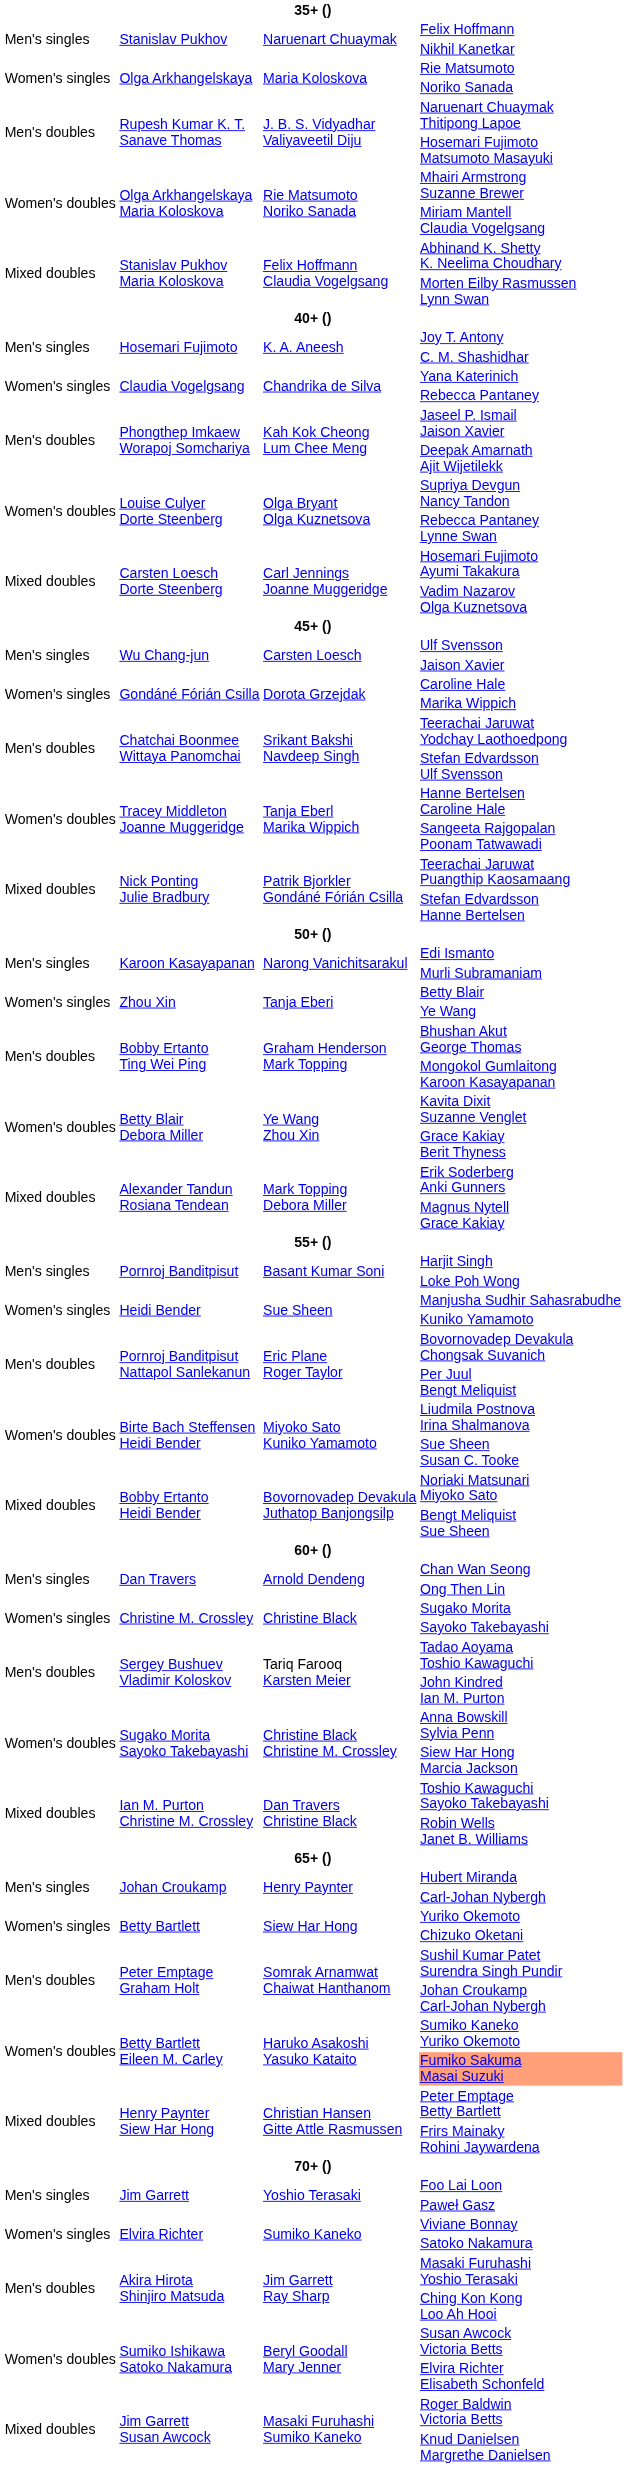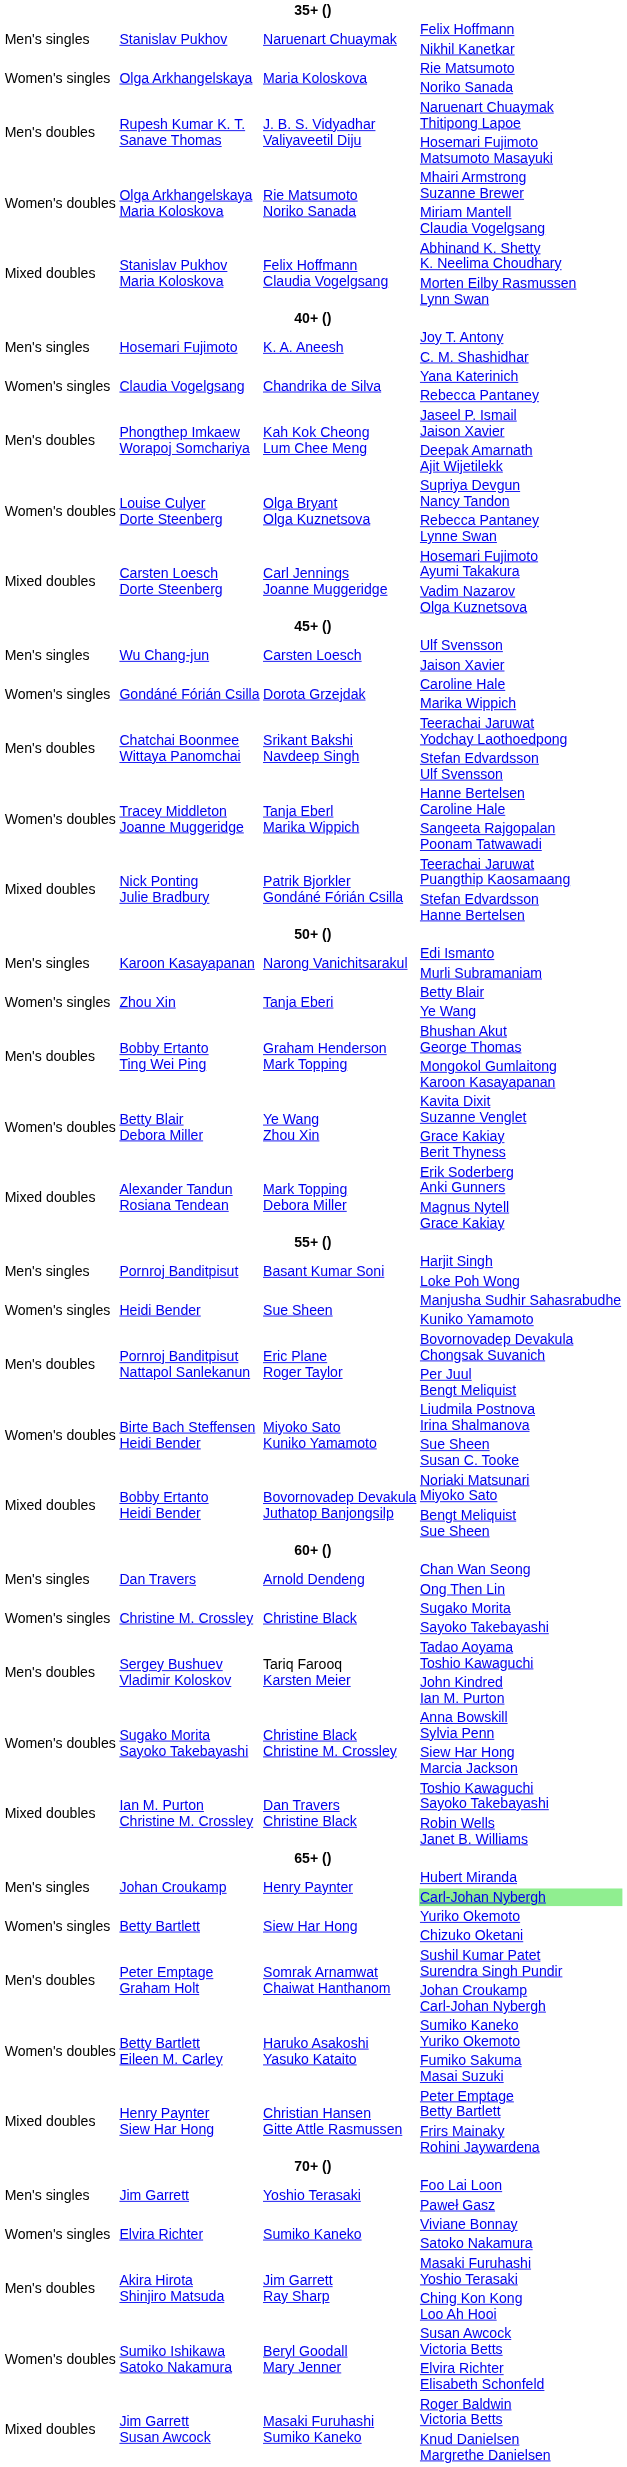 <table>
 <tr>
 <th colspan="4">35+ ()</th>
 </tr>
 <tr>
 <td rowspan="2">Men's singles</td>
 <td rowspan="2"> <a href='#'>Stanislav Pukhov</a></td>
 <td rowspan="2"> <a href='#'>Naruenart Chuaymak</a></td>
 <td> <a href='#'>Felix Hoffmann</a></td>
 </tr>
 <tr>
 <td> <a href='#'>Nikhil Kanetkar</a></td>
 </tr>
 <tr>
 <td rowspan="2">Women's singles</td>
 <td rowspan="2"> <a href='#'>Olga Arkhangelskaya</a></td>
 <td rowspan="2"> <a href='#'>Maria Koloskova</a></td>
 <td> <a href='#'>Rie Matsumoto</a></td>
 </tr>
 <tr>
 <td> <a href='#'>Noriko Sanada</a></td>
 </tr>
 <tr>
 <td rowspan="2">Men's doubles</td>
 <td rowspan="2"> <a href='#'>Rupesh Kumar K. T.</a><br> <a href='#'>Sanave Thomas</a></td>
 <td rowspan="2"> <a href='#'>J. B. S. Vidyadhar</a><br> <a href='#'>Valiyaveetil Diju</a></td>
 <td> <a href='#'>Naruenart Chuaymak</a><br> <a href='#'>Thitipong Lapoe</a></td>
 </tr>
 <tr>
 <td> <a href='#'>Hosemari Fujimoto</a><br> <a href='#'>Matsumoto Masayuki</a></td>
 </tr>
 <tr>
 <td rowspan="2">Women's doubles</td>
 <td rowspan="2"> <a href='#'>Olga Arkhangelskaya</a><br> <a href='#'>Maria Koloskova</a></td>
 <td rowspan="2"> <a href='#'>Rie Matsumoto</a><br> <a href='#'>Noriko Sanada</a></td>
 <td> <a href='#'>Mhairi Armstrong</a><br> <a href='#'>Suzanne Brewer</a></td>
 </tr>
 <tr>
 <td> <a href='#'>Miriam Mantell</a><br> <a href='#'>Claudia Vogelgsang</a></td>
 </tr>
 <tr>
 <td rowspan="2">Mixed doubles</td>
 <td rowspan="2"> <a href='#'>Stanislav Pukhov</a><br> <a href='#'>Maria Koloskova</a></td>
 <td rowspan="2"> <a href='#'>Felix Hoffmann</a><br> <a href='#'>Claudia Vogelgsang</a></td>
 <td> <a href='#'>Abhinand K. Shetty</a><br> <a href='#'>K. Neelima Choudhary</a></td>
 </tr>
 <tr>
 <td> <a href='#'>Morten Eilby Rasmussen</a><br> <a href='#'>Lynn Swan</a></td>
 </tr>
 <tr>
 <th colspan="4">40+ ()</th>
 </tr>
 <tr>
 <td rowspan="2">Men's singles</td>
 <td rowspan="2"> <a href='#'>Hosemari Fujimoto</a></td>
 <td rowspan="2"> <a href='#'>K. A. Aneesh</a></td>
 <td> <a href='#'>Joy T. Antony</a></td>
 </tr>
 <tr>
 <td> <a href='#'>C. M. Shashidhar</a></td>
 </tr>
 <tr>
 <td rowspan="2">Women's singles</td>
 <td rowspan="2"> <a href='#'>Claudia Vogelgsang</a></td>
 <td rowspan="2"> <a href='#'>Chandrika de Silva</a></td>
 <td> <a href='#'>Yana Katerinich</a></td>
 </tr>
 <tr>
 <td> <a href='#'>Rebecca Pantaney</a></td>
 </tr>
 <tr>
 <td rowspan="2">Men's doubles</td>
 <td rowspan="2"> <a href='#'>Phongthep Imkaew</a><br> <a href='#'>Worapoj Somchariya</a></td>
 <td rowspan="2"> <a href='#'>Kah Kok Cheong</a><br> <a href='#'>Lum Chee Meng</a></td>
 <td> <a href='#'>Jaseel P. Ismail</a><br> <a href='#'>Jaison Xavier</a></td>
 </tr>
 <tr>
 <td> <a href='#'>Deepak Amarnath</a><br> <a href='#'>Ajit Wijetilekk</a></td>
 </tr>
 <tr>
 <td rowspan="2">Women's doubles</td>
 <td rowspan="2"> <a href='#'>Louise Culyer</a><br> <a href='#'>Dorte Steenberg</a></td>
 <td rowspan="2"> <a href='#'>Olga Bryant</a><br> <a href='#'>Olga Kuznetsova</a></td>
 <td> <a href='#'>Supriya Devgun</a><br> <a href='#'>Nancy Tandon</a></td>
 </tr>
 <tr>
 <td> <a href='#'>Rebecca Pantaney</a><br> <a href='#'>Lynne Swan</a></td>
 </tr>
 <tr>
 <td rowspan="2">Mixed doubles</td>
 <td rowspan="2"> <a href='#'>Carsten Loesch</a><br> <a href='#'>Dorte Steenberg</a></td>
 <td rowspan="2"> <a href='#'>Carl Jennings</a><br> <a href='#'>Joanne Muggeridge</a></td>
 <td> <a href='#'>Hosemari Fujimoto</a><br> <a href='#'>Ayumi Takakura</a></td>
 </tr>
 <tr>
 <td> <a href='#'>Vadim Nazarov</a><br> <a href='#'>Olga Kuznetsova</a></td>
 </tr>
 <tr>
 <th colspan="4">45+ ()</th>
 </tr>
 <tr>
 <td rowspan="2">Men's singles</td>
 <td rowspan="2"> <a href='#'>Wu Chang-jun</a></td>
 <td rowspan="2"> <a href='#'>Carsten Loesch</a></td>
 <td> <a href='#'>Ulf Svensson</a></td>
 </tr>
 <tr>
 <td> <a href='#'>Jaison Xavier</a></td>
 </tr>
 <tr>
 <td rowspan="2">Women's singles</td>
 <td rowspan="2"> <a href='#'>Gondáné Fórián Csilla</a></td>
 <td rowspan="2"> <a href='#'>Dorota Grzejdak</a></td>
 <td> <a href='#'>Caroline Hale</a></td>
 </tr>
 <tr>
 <td> <a href='#'>Marika Wippich</a></td>
 </tr>
 <tr>
 <td rowspan="2">Men's doubles</td>
 <td rowspan="2"> <a href='#'>Chatchai Boonmee</a><br> <a href='#'>Wittaya Panomchai</a></td>
 <td rowspan="2"> <a href='#'>Srikant Bakshi</a><br> <a href='#'>Navdeep Singh</a></td>
 <td> <a href='#'>Teerachai Jaruwat</a><br> <a href='#'>Yodchay Laothoedpong</a></td>
 </tr>
 <tr>
 <td> <a href='#'>Stefan Edvardsson</a><br> <a href='#'>Ulf Svensson</a></td>
 </tr>
 <tr>
 <td rowspan="2">Women's doubles</td>
 <td rowspan="2"> <a href='#'>Tracey Middleton</a><br> <a href='#'>Joanne Muggeridge</a></td>
 <td rowspan="2"> <a href='#'>Tanja Eberl</a><br> <a href='#'>Marika Wippich</a></td>
 <td> <a href='#'>Hanne Bertelsen</a><br> <a href='#'>Caroline Hale</a></td>
 </tr>
 <tr>
 <td> <a href='#'>Sangeeta Rajgopalan</a><br> <a href='#'>Poonam Tatwawadi</a></td>
 </tr>
 <tr>
 <td rowspan="2">Mixed doubles</td>
 <td rowspan="2"> <a href='#'>Nick Ponting</a><br> <a href='#'>Julie Bradbury</a></td>
 <td rowspan="2"> <a href='#'>Patrik Bjorkler</a><br> <a href='#'>Gondáné Fórián Csilla</a></td>
 <td> <a href='#'>Teerachai Jaruwat</a><br> <a href='#'>Puangthip Kaosamaang</a></td>
 </tr>
 <tr>
 <td> <a href='#'>Stefan Edvardsson</a><br> <a href='#'>Hanne Bertelsen</a></td>
 </tr>
 <tr>
 <th colspan="4">50+ ()</th>
 </tr>
 <tr>
 <td rowspan="2">Men's singles</td>
 <td rowspan="2"> <a href='#'>Karoon Kasayapanan</a></td>
 <td rowspan="2"> <a href='#'>Narong Vanichitsarakul</a></td>
 <td> <a href='#'>Edi Ismanto</a></td>
 </tr>
 <tr>
 <td> <a href='#'>Murli Subramaniam</a></td>
 </tr>
 <tr>
 <td rowspan="2">Women's singles</td>
 <td rowspan="2"> <a href='#'>Zhou Xin</a></td>
 <td rowspan="2"> <a href='#'>Tanja Eberi</a></td>
 <td> <a href='#'>Betty Blair</a></td>
 </tr>
 <tr>
 <td> <a href='#'>Ye Wang</a></td>
 </tr>
 <tr>
 <td rowspan="2">Men's doubles</td>
 <td rowspan="2"> <a href='#'>Bobby Ertanto</a><br> <a href='#'>Ting Wei Ping</a></td>
 <td rowspan="2"> <a href='#'>Graham Henderson</a><br> <a href='#'>Mark Topping</a></td>
 <td> <a href='#'>Bhushan Akut</a><br> <a href='#'>George Thomas</a></td>
 </tr>
 <tr>
 <td> <a href='#'>Mongokol Gumlaitong</a><br> <a href='#'>Karoon Kasayapanan</a></td>
 </tr>
 <tr>
 <td rowspan="2">Women's doubles</td>
 <td rowspan="2"> <a href='#'>Betty Blair</a><br> <a href='#'>Debora Miller</a></td>
 <td rowspan="2"> <a href='#'>Ye Wang</a><br> <a href='#'>Zhou Xin</a></td>
 <td> <a href='#'>Kavita Dixit</a><br> <a href='#'>Suzanne Venglet</a></td>
 </tr>
 <tr>
 <td> <a href='#'>Grace Kakiay</a><br> <a href='#'>Berit Thyness</a></td>
 </tr>
 <tr>
 <td rowspan="2">Mixed doubles</td>
 <td rowspan="2"> <a href='#'>Alexander Tandun</a><br> <a href='#'>Rosiana Tendean</a></td>
 <td rowspan="2"> <a href='#'>Mark Topping</a><br> <a href='#'>Debora Miller</a></td>
 <td> <a href='#'>Erik Soderberg</a><br> <a href='#'>Anki Gunners</a></td>
 </tr>
 <tr>
 <td> <a href='#'>Magnus Nytell</a><br> <a href='#'>Grace Kakiay</a></td>
 </tr>
 <tr>
 <th colspan="4">55+ ()</th>
 </tr>
 <tr>
 <td rowspan="2">Men's singles</td>
 <td rowspan="2"> <a href='#'>Pornroj Banditpisut</a></td>
 <td rowspan="2"> <a href='#'>Basant Kumar Soni</a></td>
 <td> <a href='#'>Harjit Singh</a></td>
 </tr>
 <tr>
 <td> <a href='#'>Loke Poh Wong</a></td>
 </tr>
 <tr>
 <td rowspan="2">Women's singles</td>
 <td rowspan="2"> <a href='#'>Heidi Bender</a></td>
 <td rowspan="2"> <a href='#'>Sue Sheen</a></td>
 <td> <a href='#'>Manjusha Sudhir Sahasrabudhe</a></td>
 </tr>
 <tr>
 <td> <a href='#'>Kuniko Yamamoto</a></td>
 </tr>
 <tr>
 <td rowspan="2">Men's doubles</td>
 <td rowspan="2"> <a href='#'>Pornroj Banditpisut</a><br> <a href='#'>Nattapol Sanlekanun</a></td>
 <td rowspan="2"> <a href='#'>Eric Plane</a><br> <a href='#'>Roger Taylor</a></td>
 <td> <a href='#'>Bovornovadep Devakula</a><br> <a href='#'>Chongsak Suvanich</a></td>
 </tr>
 <tr>
 <td> <a href='#'>Per Juul</a><br> <a href='#'>Bengt Meliquist</a></td>
 </tr>
 <tr>
 <td rowspan="2">Women's doubles</td>
 <td rowspan="2"> <a href='#'>Birte Bach Steffensen</a><br> <a href='#'>Heidi Bender</a></td>
 <td rowspan="2"> <a href='#'>Miyoko Sato</a><br> <a href='#'>Kuniko Yamamoto</a></td>
 <td> <a href='#'>Liudmila Postnova</a><br> <a href='#'>Irina Shalmanova</a></td>
 </tr>
 <tr>
 <td> <a href='#'>Sue Sheen</a><br> <a href='#'>Susan C. Tooke</a></td>
 </tr>
 <tr>
 <td rowspan="2">Mixed doubles</td>
 <td rowspan="2"> <a href='#'>Bobby Ertanto</a><br> <a href='#'>Heidi Bender</a></td>
 <td rowspan="2"> <a href='#'>Bovornovadep Devakula</a><br> <a href='#'>Juthatop Banjongsilp</a></td>
 <td> <a href='#'>Noriaki Matsunari</a><br> <a href='#'>Miyoko Sato</a></td>
 </tr>
 <tr>
 <td> <a href='#'>Bengt Meliquist</a><br> <a href='#'>Sue Sheen</a></td>
 </tr>
 <tr>
 <th colspan="4">60+ ()</th>
 </tr>
 <tr>
 <td rowspan="2">Men's singles</td>
 <td rowspan="2"> <a href='#'>Dan Travers</a></td>
 <td rowspan="2"> <a href='#'>Arnold Dendeng</a></td>
 <td> <a href='#'>Chan Wan Seong</a></td>
 </tr>
 <tr>
 <td> <a href='#'>Ong Then Lin</a></td>
 </tr>
 <tr>
 <td rowspan="2">Women's singles</td>
 <td rowspan="2"> <a href='#'>Christine M. Crossley</a></td>
 <td rowspan="2"> <a href='#'>Christine Black</a></td>
 <td> <a href='#'>Sugako Morita</a></td>
 </tr>
 <tr>
 <td> <a href='#'>Sayoko Takebayashi</a></td>
 </tr>
 <tr>
 <td rowspan="2">Men's doubles</td>
 <td rowspan="2"> <a href='#'>Sergey Bushuev</a><br> <a href='#'>Vladimir Koloskov</a></td>
 <td rowspan="2"> Tariq Farooq<br> <a href='#'>Karsten Meier</a></td>
 <td> <a href='#'>Tadao Aoyama</a><br> <a href='#'>Toshio Kawaguchi</a></td>
 </tr>
 <tr>
 <td> <a href='#'>John Kindred</a><br> <a href='#'>Ian M. Purton</a></td>
 </tr>
 <tr>
 <td rowspan="2">Women's doubles</td>
 <td rowspan="2"> <a href='#'>Sugako Morita</a><br> <a href='#'>Sayoko Takebayashi</a></td>
 <td rowspan="2"> <a href='#'>Christine Black</a><br> <a href='#'>Christine M. Crossley</a></td>
 <td> <a href='#'>Anna Bowskill</a><br> <a href='#'>Sylvia Penn</a></td>
 </tr>
 <tr>
 <td> <a href='#'>Siew Har Hong</a><br> <a href='#'>Marcia Jackson</a></td>
 </tr>
 <tr>
 <td rowspan="2">Mixed doubles</td>
 <td rowspan="2"> <a href='#'>Ian M. Purton</a><br> <a href='#'>Christine M. Crossley</a></td>
 <td rowspan="2"> <a href='#'>Dan Travers</a><br> <a href='#'>Christine Black</a></td>
 <td> <a href='#'>Toshio Kawaguchi</a><br> <a href='#'>Sayoko Takebayashi</a></td>
 </tr>
 <tr>
 <td> <a href='#'>Robin Wells</a><br> <a href='#'>Janet B. Williams</a></td>
 </tr>
 <tr>
 <th colspan="4">65+ ()</th>
 </tr>
 <tr>
 <td rowspan="2">Men's singles</td>
 <td rowspan="2"> <a href='#'>Johan Croukamp</a></td>
 <td rowspan="2"> <a href='#'>Henry Paynter</a></td>
 <td> <a href='#'>Hubert Miranda</a></td>
 </tr>
 <tr>
-<td> <a href='#'>Carl-Johan Nybergh</a></td>
+<td style="background: lightgreen;"> <a href='#'>Carl-Johan Nybergh</a></td>
 </tr>
 <tr>
 <td rowspan="2">Women's singles</td>
 <td rowspan="2"> <a href='#'>Betty Bartlett</a></td>
 <td rowspan="2"> <a href='#'>Siew Har Hong</a></td>
 <td> <a href='#'>Yuriko Okemoto</a></td>
 </tr>
 <tr>
 <td> <a href='#'>Chizuko Oketani</a></td>
 </tr>
 <tr>
 <td rowspan="2">Men's doubles</td>
 <td rowspan="2"> <a href='#'>Peter Emptage</a><br> <a href='#'>Graham Holt</a></td>
 <td rowspan="2"> <a href='#'>Somrak Arnamwat</a><br> <a href='#'>Chaiwat Hanthanom</a></td>
 <td> <a href='#'>Sushil Kumar Patet</a><br> <a href='#'>Surendra Singh Pundir</a></td>
 </tr>
 <tr>
 <td> <a href='#'>Johan Croukamp</a><br> <a href='#'>Carl-Johan Nybergh</a></td>
 </tr>
 <tr>
 <td rowspan="2">Women's doubles</td>
 <td rowspan="2"> <a href='#'>Betty Bartlett</a><br> <a href='#'>Eileen M. Carley</a></td>
 <td rowspan="2"> <a href='#'>Haruko Asakoshi</a><br> <a href='#'>Yasuko Kataito</a></td>
 <td> <a href='#'>Sumiko Kaneko</a><br> <a href='#'>Yuriko Okemoto</a></td>
 </tr>
 <tr>
-<td style="background: lightsalmon;"> <a href='#'>Fumiko Sakuma</a><br> <a href='#'>Masai Suzuki</a></td>
+<td> <a href='#'>Fumiko Sakuma</a><br> <a href='#'>Masai Suzuki</a></td>
 </tr>
 <tr>
 <td rowspan="2">Mixed doubles</td>
 <td rowspan="2"> <a href='#'>Henry Paynter</a><br> <a href='#'>Siew Har Hong</a></td>
 <td rowspan="2"> <a href='#'>Christian Hansen</a><br> <a href='#'>Gitte Attle Rasmussen</a></td>
 <td> <a href='#'>Peter Emptage</a><br> <a href='#'>Betty Bartlett</a></td>
 </tr>
 <tr>
 <td> <a href='#'>Frirs Mainaky</a><br> <a href='#'>Rohini Jaywardena</a></td>
 </tr>
 <tr>
 <th colspan="4">70+ ()</th>
 </tr>
 <tr>
 <td rowspan="2">Men's singles</td>
 <td rowspan="2"> <a href='#'>Jim Garrett</a></td>
 <td rowspan="2"> <a href='#'>Yoshio Terasaki</a></td>
 <td> <a href='#'>Foo Lai Loon</a></td>
 </tr>
 <tr>
 <td> <a href='#'>Paweł Gasz</a></td>
 </tr>
 <tr>
 <td rowspan="2">Women's singles</td>
 <td rowspan="2"> <a href='#'>Elvira Richter</a></td>
 <td rowspan="2"> <a href='#'>Sumiko Kaneko</a></td>
 <td> <a href='#'>Viviane Bonnay</a></td>
 </tr>
 <tr>
 <td> <a href='#'>Satoko Nakamura</a></td>
 </tr>
 <tr>
 <td rowspan="2">Men's doubles</td>
 <td rowspan="2"> <a href='#'>Akira Hirota</a><br> <a href='#'>Shinjiro Matsuda</a></td>
 <td rowspan="2"> <a href='#'>Jim Garrett</a><br> <a href='#'>Ray Sharp</a></td>
 <td> <a href='#'>Masaki Furuhashi</a><br> <a href='#'>Yoshio Terasaki</a></td>
 </tr>
 <tr>
 <td> <a href='#'>Ching Kon Kong</a><br> <a href='#'>Loo Ah Hooi</a></td>
 </tr>
 <tr>
 <td rowspan="2">Women's doubles</td>
 <td rowspan="2"> <a href='#'>Sumiko Ishikawa</a><br> <a href='#'>Satoko Nakamura</a></td>
 <td rowspan="2"> <a href='#'>Beryl Goodall</a><br> <a href='#'>Mary Jenner</a></td>
 <td> <a href='#'>Susan Awcock</a><br> <a href='#'>Victoria Betts</a></td>
 </tr>
 <tr>
 <td> <a href='#'>Elvira Richter</a><br> <a href='#'>Elisabeth Schonfeld</a></td>
 </tr>
 <tr>
 <td rowspan="2">Mixed doubles</td>
 <td rowspan="2"> <a href='#'>Jim Garrett</a><br> <a href='#'>Susan Awcock</a></td>
 <td rowspan="2"> <a href='#'>Masaki Furuhashi</a><br> <a href='#'>Sumiko Kaneko</a></td>
 <td> <a href='#'>Roger Baldwin</a><br> <a href='#'>Victoria Betts</a></td>
 </tr>
 <tr>
 <td> <a href='#'>Knud Danielsen</a><br> <a href='#'>Margrethe Danielsen</a></td>
 </tr>
 </table>
